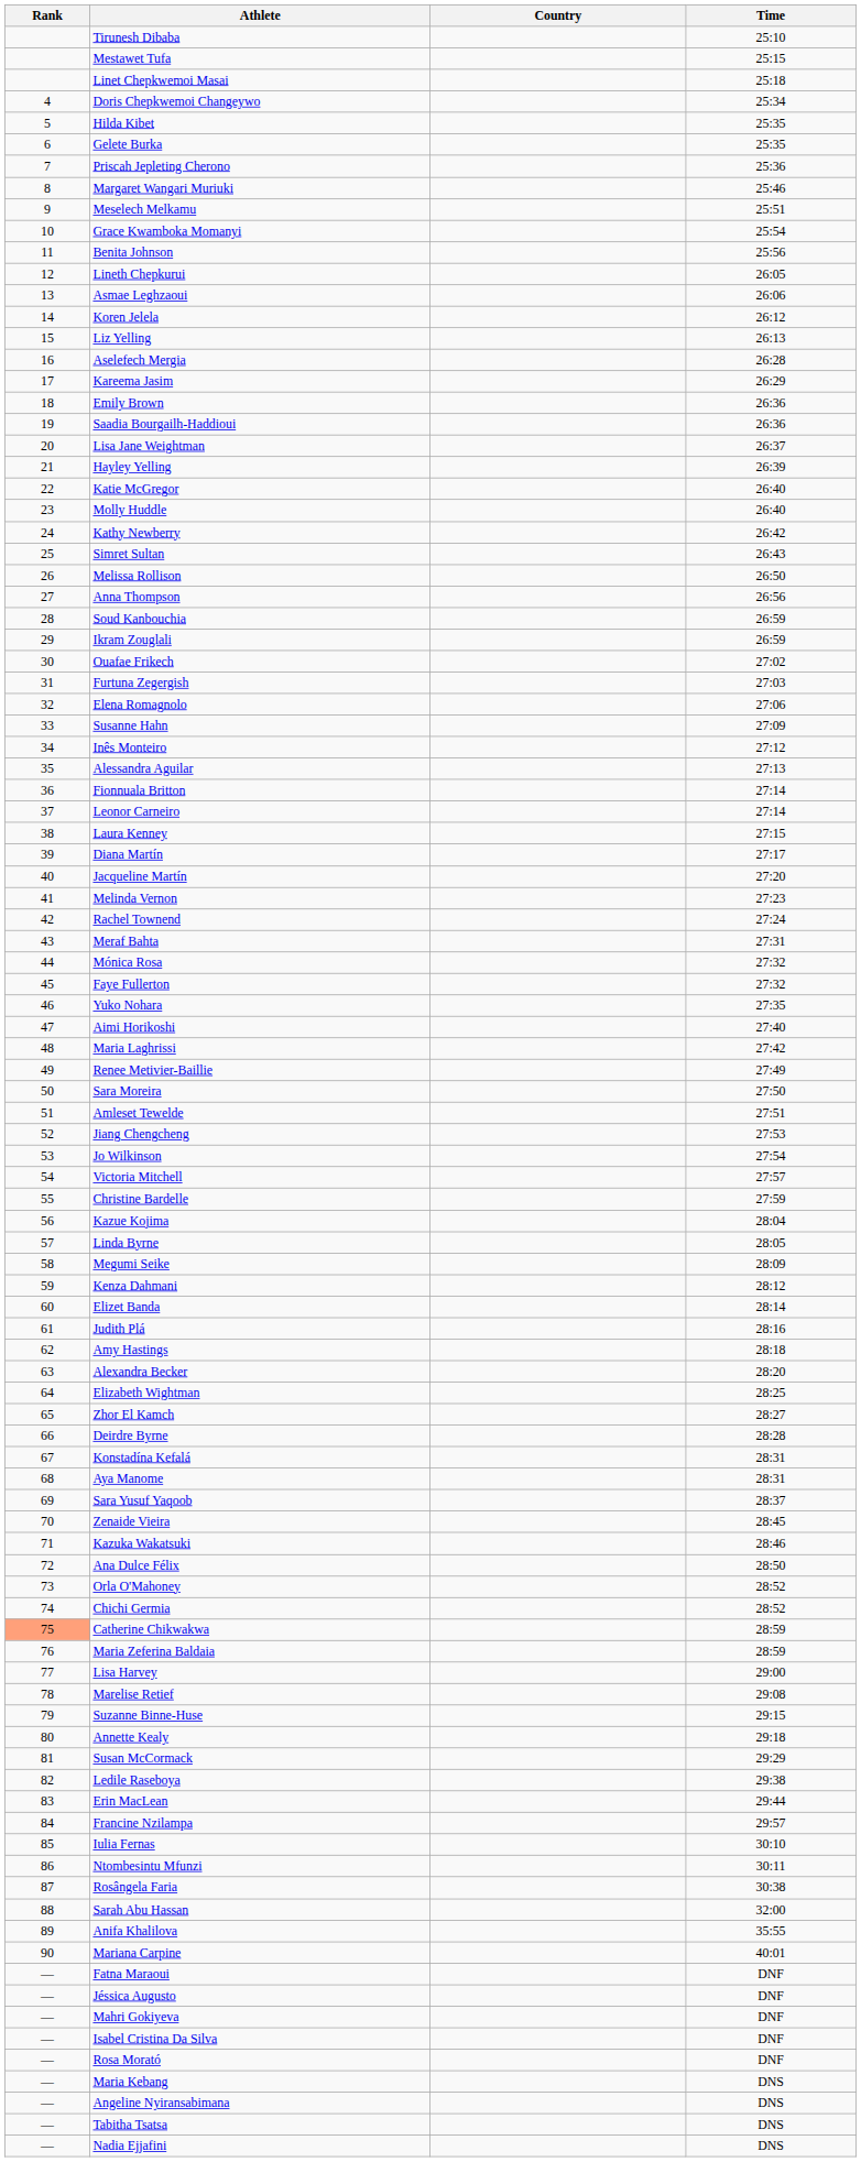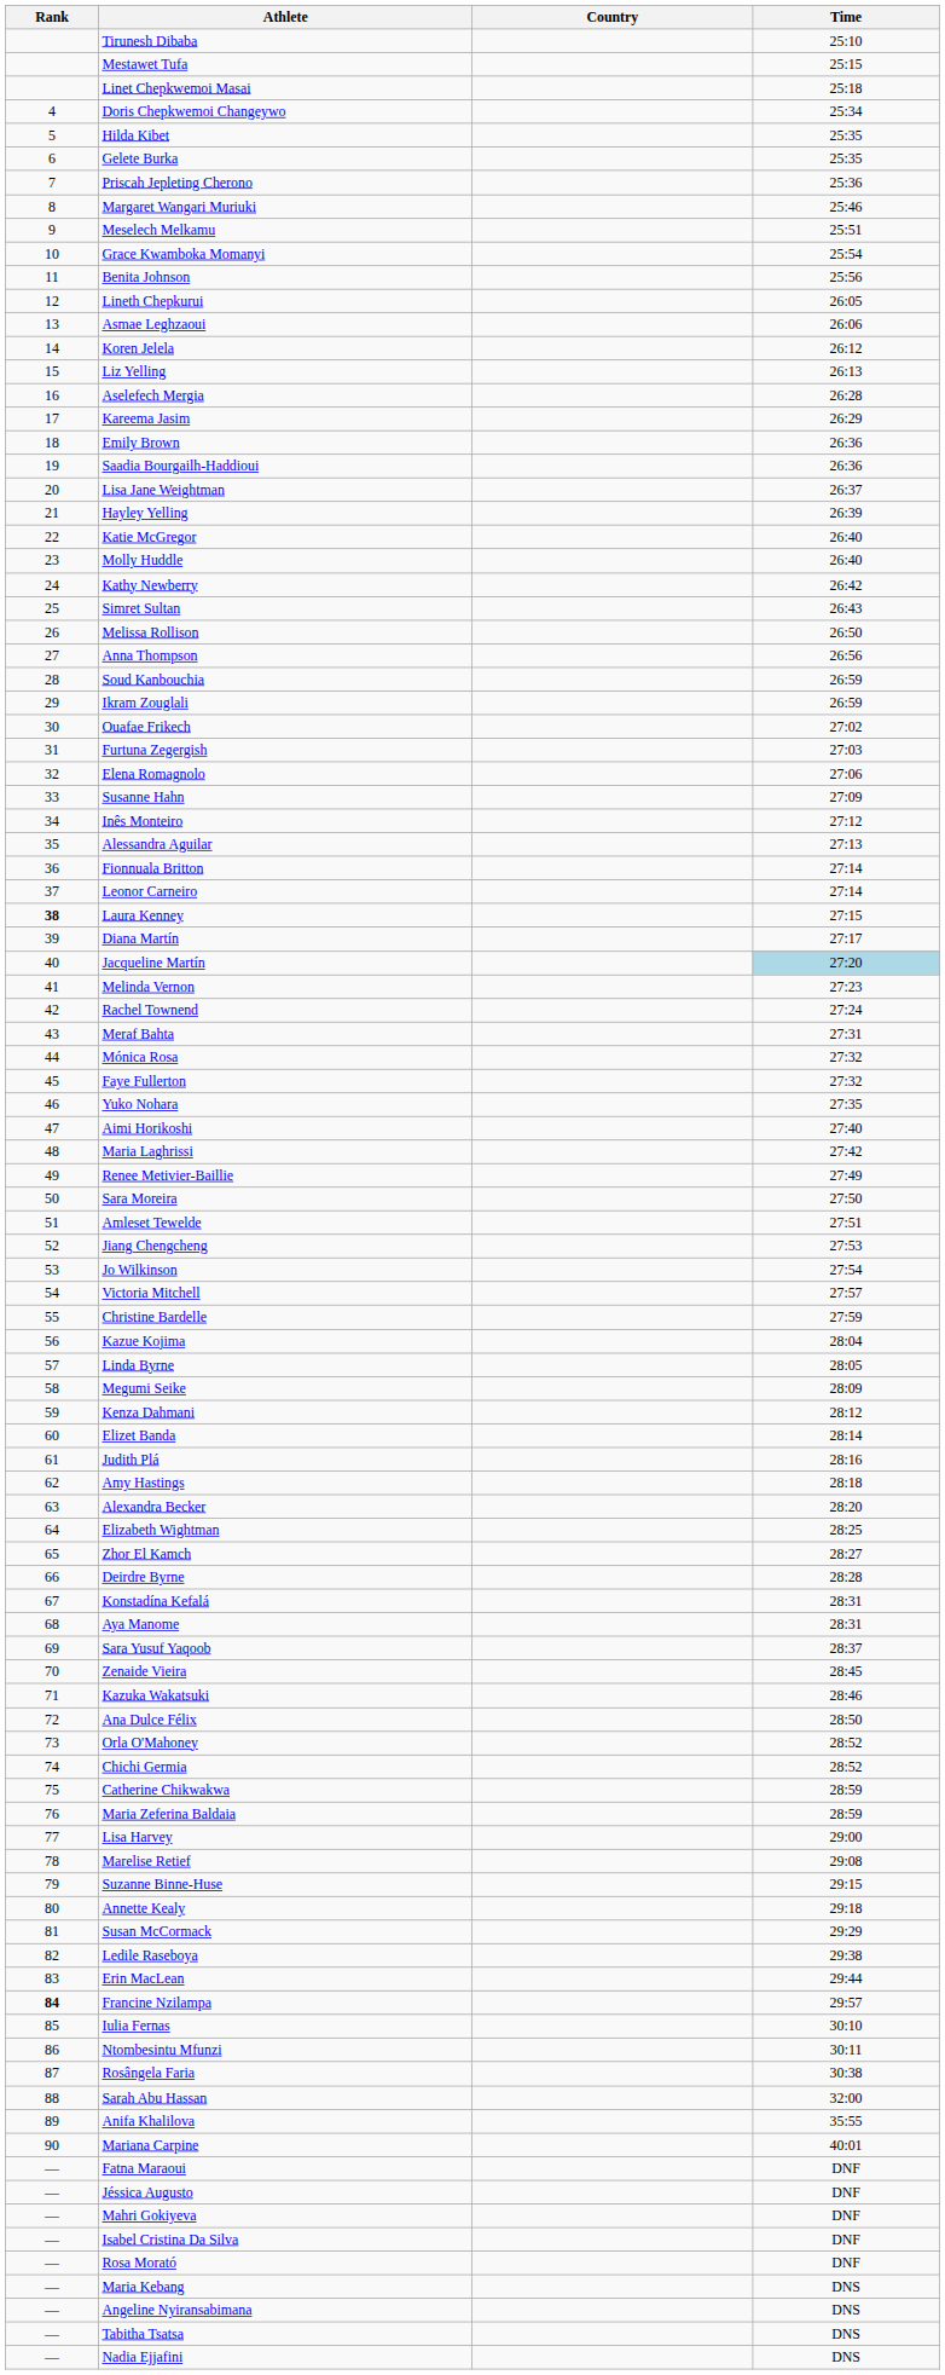 <table class="wikitable sortable" style=" text-align:center; font-size:95%;" width="50%">
 <tr>
 <th width=5%>Rank</th>
 <th width=20%>Athlete</th>
 <th width=15%>Country</th>
 <th width=10%>Time</th>
 </tr>
 <tr>
 <td align=center></td>
 <td align=left><a href='#'>Tirunesh Dibaba</a></td>
 <td align=left></td>
 <td>25:10</td>
 </tr>
 <tr>
 <td align=center></td>
 <td align=left><a href='#'>Mestawet Tufa</a></td>
 <td align=left></td>
 <td>25:15</td>
 </tr>
 <tr>
 <td align=center></td>
 <td align=left><a href='#'>Linet Chepkwemoi Masai</a></td>
 <td align=left></td>
 <td>25:18</td>
 </tr>
 <tr>
 <td align=center>4</td>
 <td align=left><a href='#'>Doris Chepkwemoi Changeywo</a></td>
 <td align=left></td>
 <td>25:34</td>
 </tr>
 <tr>
 <td align=center>5</td>
 <td align=left><a href='#'>Hilda Kibet</a></td>
 <td align=left></td>
 <td>25:35</td>
 </tr>
 <tr>
 <td align=center>6</td>
 <td align=left><a href='#'>Gelete Burka</a></td>
 <td align=left></td>
 <td>25:35</td>
 </tr>
 <tr>
 <td align=center>7</td>
 <td align=left><a href='#'>Priscah Jepleting Cherono</a></td>
 <td align=left></td>
 <td>25:36</td>
 </tr>
 <tr>
 <td align=center>8</td>
 <td align=left><a href='#'>Margaret Wangari Muriuki</a></td>
 <td align=left></td>
 <td>25:46</td>
 </tr>
 <tr>
 <td align=center>9</td>
 <td align=left><a href='#'>Meselech Melkamu</a></td>
 <td align=left></td>
 <td>25:51</td>
 </tr>
 <tr>
 <td align=center>10</td>
 <td align=left><a href='#'>Grace Kwamboka Momanyi</a></td>
 <td align=left></td>
 <td>25:54</td>
 </tr>
 <tr>
 <td align=center>11</td>
 <td align=left><a href='#'>Benita Johnson</a></td>
 <td align=left></td>
 <td>25:56</td>
 </tr>
 <tr>
 <td align=center>12</td>
 <td align=left><a href='#'>Lineth Chepkurui</a></td>
 <td align=left></td>
 <td>26:05</td>
 </tr>
 <tr>
 <td align=center>13</td>
 <td align=left><a href='#'>Asmae Leghzaoui</a></td>
 <td align=left></td>
 <td>26:06</td>
 </tr>
 <tr>
 <td align=center>14</td>
 <td align=left><a href='#'>Koren Jelela</a></td>
 <td align=left></td>
 <td>26:12</td>
 </tr>
 <tr>
 <td align=center>15</td>
 <td align=left><a href='#'>Liz Yelling</a></td>
 <td align=left></td>
 <td>26:13</td>
 </tr>
 <tr>
 <td align=center>16</td>
 <td align=left><a href='#'>Aselefech Mergia</a></td>
 <td align=left></td>
 <td>26:28</td>
 </tr>
 <tr>
 <td align=center>17</td>
 <td align=left><a href='#'>Kareema Jasim</a></td>
 <td align=left></td>
 <td>26:29</td>
 </tr>
 <tr>
 <td align=center>18</td>
 <td align=left><a href='#'>Emily Brown</a></td>
 <td align=left></td>
 <td>26:36</td>
 </tr>
 <tr>
 <td align=center>19</td>
 <td align=left><a href='#'>Saadia Bourgailh-Haddioui</a></td>
 <td align=left></td>
 <td>26:36</td>
 </tr>
 <tr>
 <td align=center>20</td>
 <td align=left><a href='#'>Lisa Jane Weightman</a></td>
 <td align=left></td>
 <td>26:37</td>
 </tr>
 <tr>
 <td align=center>21</td>
 <td align=left><a href='#'>Hayley Yelling</a></td>
 <td align=left></td>
 <td>26:39</td>
 </tr>
 <tr>
 <td align=center>22</td>
 <td align=left><a href='#'>Katie McGregor</a></td>
 <td align=left></td>
 <td>26:40</td>
 </tr>
 <tr>
 <td align=center>23</td>
 <td align=left><a href='#'>Molly Huddle</a></td>
 <td align=left></td>
 <td>26:40</td>
 </tr>
 <tr>
 <td align=center>24</td>
 <td align=left><a href='#'>Kathy Newberry</a></td>
 <td align=left></td>
 <td>26:42</td>
 </tr>
 <tr>
 <td align=center>25</td>
 <td align=left><a href='#'>Simret Sultan</a></td>
 <td align=left></td>
 <td>26:43</td>
 </tr>
 <tr>
 <td align=center>26</td>
 <td align=left><a href='#'>Melissa Rollison</a></td>
 <td align=left></td>
 <td>26:50</td>
 </tr>
 <tr>
 <td align=center>27</td>
 <td align=left><a href='#'>Anna Thompson</a></td>
 <td align=left></td>
 <td>26:56</td>
 </tr>
 <tr>
 <td align=center>28</td>
 <td align=left><a href='#'>Soud Kanbouchia</a></td>
 <td align=left></td>
 <td>26:59</td>
 </tr>
 <tr>
 <td align=center>29</td>
 <td align=left><a href='#'>Ikram Zouglali</a></td>
 <td align=left></td>
 <td>26:59</td>
 </tr>
 <tr>
 <td align=center>30</td>
 <td align=left><a href='#'>Ouafae Frikech</a></td>
 <td align=left></td>
 <td>27:02</td>
 </tr>
 <tr>
 <td align=center>31</td>
 <td align=left><a href='#'>Furtuna Zegergish</a></td>
 <td align=left></td>
 <td>27:03</td>
 </tr>
 <tr>
 <td align=center>32</td>
 <td align=left><a href='#'>Elena Romagnolo</a></td>
 <td align=left></td>
 <td>27:06</td>
 </tr>
 <tr>
 <td align=center>33</td>
 <td align=left><a href='#'>Susanne Hahn</a></td>
 <td align=left></td>
 <td>27:09</td>
 </tr>
 <tr>
 <td align=center>34</td>
 <td align=left><a href='#'>Inês Monteiro</a></td>
 <td align=left></td>
 <td>27:12</td>
 </tr>
 <tr>
 <td align=center>35</td>
 <td align=left><a href='#'>Alessandra Aguilar</a></td>
 <td align=left></td>
 <td>27:13</td>
 </tr>
 <tr>
 <td align=center>36</td>
 <td align=left><a href='#'>Fionnuala Britton</a></td>
 <td align=left></td>
 <td>27:14</td>
 </tr>
 <tr>
 <td align=center>37</td>
 <td align=left><a href='#'>Leonor Carneiro</a></td>
 <td align=left></td>
 <td>27:14</td>
 </tr>
 <tr>
-<td align=center>38</td>
+<td align=center><strong>38</strong></td>
 <td align=left><a href='#'>Laura Kenney</a></td>
 <td align=left></td>
 <td>27:15</td>
 </tr>
 <tr>
 <td align=center>39</td>
 <td align=left><a href='#'>Diana Martín</a></td>
 <td align=left></td>
 <td>27:17</td>
 </tr>
 <tr>
 <td align=center>40</td>
 <td align=left><a href='#'>Jacqueline Martín</a></td>
 <td align=left></td>
-<td>27:20</td>
+<td style="background: lightblue;">27:20</td>
 </tr>
 <tr>
 <td align=center>41</td>
 <td align=left><a href='#'>Melinda Vernon</a></td>
 <td align=left></td>
 <td>27:23</td>
 </tr>
 <tr>
 <td align=center>42</td>
 <td align=left><a href='#'>Rachel Townend</a></td>
 <td align=left></td>
 <td>27:24</td>
 </tr>
 <tr>
 <td align=center>43</td>
 <td align=left><a href='#'>Meraf Bahta</a></td>
 <td align=left></td>
 <td>27:31</td>
 </tr>
 <tr>
 <td align=center>44</td>
 <td align=left><a href='#'>Mónica Rosa</a></td>
 <td align=left></td>
 <td>27:32</td>
 </tr>
 <tr>
 <td align=center>45</td>
 <td align=left><a href='#'>Faye Fullerton</a></td>
 <td align=left></td>
 <td>27:32</td>
 </tr>
 <tr>
 <td align=center>46</td>
 <td align=left><a href='#'>Yuko Nohara</a></td>
 <td align=left></td>
 <td>27:35</td>
 </tr>
 <tr>
 <td align=center>47</td>
 <td align=left><a href='#'>Aimi Horikoshi</a></td>
 <td align=left></td>
 <td>27:40</td>
 </tr>
 <tr>
 <td align=center>48</td>
 <td align=left><a href='#'>Maria Laghrissi</a></td>
 <td align=left></td>
 <td>27:42</td>
 </tr>
 <tr>
 <td align=center>49</td>
 <td align=left><a href='#'>Renee Metivier-Baillie</a></td>
 <td align=left></td>
 <td>27:49</td>
 </tr>
 <tr>
 <td align=center>50</td>
 <td align=left><a href='#'>Sara Moreira</a></td>
 <td align=left></td>
 <td>27:50</td>
 </tr>
 <tr>
 <td align=center>51</td>
 <td align=left><a href='#'>Amleset Tewelde</a></td>
 <td align=left></td>
 <td>27:51</td>
 </tr>
 <tr>
 <td align=center>52</td>
 <td align=left><a href='#'>Jiang Chengcheng</a></td>
 <td align=left></td>
 <td>27:53</td>
 </tr>
 <tr>
 <td align=center>53</td>
 <td align=left><a href='#'>Jo Wilkinson</a></td>
 <td align=left></td>
 <td>27:54</td>
 </tr>
 <tr>
 <td align=center>54</td>
 <td align=left><a href='#'>Victoria Mitchell</a></td>
 <td align=left></td>
 <td>27:57</td>
 </tr>
 <tr>
 <td align=center>55</td>
 <td align=left><a href='#'>Christine Bardelle</a></td>
 <td align=left></td>
 <td>27:59</td>
 </tr>
 <tr>
 <td align=center>56</td>
 <td align=left><a href='#'>Kazue Kojima</a></td>
 <td align=left></td>
 <td>28:04</td>
 </tr>
 <tr>
 <td align=center>57</td>
 <td align=left><a href='#'>Linda Byrne</a></td>
 <td align=left></td>
 <td>28:05</td>
 </tr>
 <tr>
 <td align=center>58</td>
 <td align=left><a href='#'>Megumi Seike</a></td>
 <td align=left></td>
 <td>28:09</td>
 </tr>
 <tr>
 <td align=center>59</td>
 <td align=left><a href='#'>Kenza Dahmani</a></td>
 <td align=left></td>
 <td>28:12</td>
 </tr>
 <tr>
 <td align=center>60</td>
 <td align=left><a href='#'>Elizet Banda</a></td>
 <td align=left></td>
 <td>28:14</td>
 </tr>
 <tr>
 <td align=center>61</td>
 <td align=left><a href='#'>Judith Plá</a></td>
 <td align=left></td>
 <td>28:16</td>
 </tr>
 <tr>
 <td align=center>62</td>
 <td align=left><a href='#'>Amy Hastings</a></td>
 <td align=left></td>
 <td>28:18</td>
 </tr>
 <tr>
 <td align=center>63</td>
 <td align=left><a href='#'>Alexandra Becker</a></td>
 <td align=left></td>
 <td>28:20</td>
 </tr>
 <tr>
 <td align=center>64</td>
 <td align=left><a href='#'>Elizabeth Wightman</a></td>
 <td align=left></td>
 <td>28:25</td>
 </tr>
 <tr>
 <td align=center>65</td>
 <td align=left><a href='#'>Zhor El Kamch</a></td>
 <td align=left></td>
 <td>28:27</td>
 </tr>
 <tr>
 <td align=center>66</td>
 <td align=left><a href='#'>Deirdre Byrne</a></td>
 <td align=left></td>
 <td>28:28</td>
 </tr>
 <tr>
 <td align=center>67</td>
 <td align=left><a href='#'>Konstadína Kefalá</a></td>
 <td align=left></td>
 <td>28:31</td>
 </tr>
 <tr>
 <td align=center>68</td>
 <td align=left><a href='#'>Aya Manome</a></td>
 <td align=left></td>
 <td>28:31</td>
 </tr>
 <tr>
 <td align=center>69</td>
 <td align=left><a href='#'>Sara Yusuf Yaqoob</a></td>
 <td align=left></td>
 <td>28:37</td>
 </tr>
 <tr>
 <td align=center>70</td>
 <td align=left><a href='#'>Zenaide Vieira</a></td>
 <td align=left></td>
 <td>28:45</td>
 </tr>
 <tr>
 <td align=center>71</td>
 <td align=left><a href='#'>Kazuka Wakatsuki</a></td>
 <td align=left></td>
 <td>28:46</td>
 </tr>
 <tr>
 <td align=center>72</td>
 <td align=left><a href='#'>Ana Dulce Félix</a></td>
 <td align=left></td>
 <td>28:50</td>
 </tr>
 <tr>
 <td align=center>73</td>
 <td align=left><a href='#'>Orla O'Mahoney</a></td>
 <td align=left></td>
 <td>28:52</td>
 </tr>
 <tr>
 <td align=center>74</td>
 <td align=left><a href='#'>Chichi Germia</a></td>
 <td align=left></td>
 <td>28:52</td>
 </tr>
 <tr>
-<td align=center style="background: lightsalmon;">75</td>
+<td align=center>75</td>
 <td align=left><a href='#'>Catherine Chikwakwa</a></td>
 <td align=left></td>
 <td>28:59</td>
 </tr>
 <tr>
 <td align=center>76</td>
 <td align=left><a href='#'>Maria Zeferina Baldaia</a></td>
 <td align=left></td>
 <td>28:59</td>
 </tr>
 <tr>
 <td align=center>77</td>
 <td align=left><a href='#'>Lisa Harvey</a></td>
 <td align=left></td>
 <td>29:00</td>
 </tr>
 <tr>
 <td align=center>78</td>
 <td align=left><a href='#'>Marelise Retief</a></td>
 <td align=left></td>
 <td>29:08</td>
 </tr>
 <tr>
 <td align=center>79</td>
 <td align=left><a href='#'>Suzanne Binne-Huse</a></td>
 <td align=left></td>
 <td>29:15</td>
 </tr>
 <tr>
 <td align=center>80</td>
 <td align=left><a href='#'>Annette Kealy</a></td>
 <td align=left></td>
 <td>29:18</td>
 </tr>
 <tr>
 <td align=center>81</td>
 <td align=left><a href='#'>Susan McCormack</a></td>
 <td align=left></td>
 <td>29:29</td>
 </tr>
 <tr>
 <td align=center>82</td>
 <td align=left><a href='#'>Ledile Raseboya</a></td>
 <td align=left></td>
 <td>29:38</td>
 </tr>
 <tr>
 <td align=center>83</td>
 <td align=left><a href='#'>Erin MacLean</a></td>
 <td align=left></td>
 <td>29:44</td>
 </tr>
 <tr>
-<td align=center>84</td>
+<td align=center><strong>84</strong></td>
 <td align=left><a href='#'>Francine Nzilampa</a></td>
 <td align=left></td>
 <td>29:57</td>
 </tr>
 <tr>
 <td align=center>85</td>
 <td align=left><a href='#'>Iulia Fernas</a></td>
 <td align=left></td>
 <td>30:10</td>
 </tr>
 <tr>
 <td align=center>86</td>
 <td align=left><a href='#'>Ntombesintu Mfunzi</a></td>
 <td align=left></td>
 <td>30:11</td>
 </tr>
 <tr>
 <td align=center>87</td>
 <td align=left><a href='#'>Rosângela Faria</a></td>
 <td align=left></td>
 <td>30:38</td>
 </tr>
 <tr>
 <td align=center>88</td>
 <td align=left><a href='#'>Sarah Abu Hassan</a></td>
 <td align=left></td>
 <td>32:00</td>
 </tr>
 <tr>
 <td align=center>89</td>
 <td align=left><a href='#'>Anifa Khalilova</a></td>
 <td align=left></td>
 <td>35:55</td>
 </tr>
 <tr>
 <td align=center>90</td>
 <td align=left><a href='#'>Mariana Carpine</a></td>
 <td align=left></td>
 <td>40:01</td>
 </tr>
 <tr>
 <td align=center>—</td>
 <td align=left><a href='#'>Fatna Maraoui</a></td>
 <td align=left></td>
 <td>DNF</td>
 </tr>
 <tr>
 <td align=center>—</td>
 <td align=left><a href='#'>Jéssica Augusto</a></td>
 <td align=left></td>
 <td>DNF</td>
 </tr>
 <tr>
 <td align=center>—</td>
 <td align=left><a href='#'>Mahri Gokiyeva</a></td>
 <td align=left></td>
 <td>DNF</td>
 </tr>
 <tr>
 <td align=center>—</td>
 <td align=left><a href='#'>Isabel Cristina Da Silva</a></td>
 <td align=left></td>
 <td>DNF</td>
 </tr>
 <tr>
 <td align=center>—</td>
 <td align=left><a href='#'>Rosa Morató</a></td>
 <td align=left></td>
 <td>DNF</td>
 </tr>
 <tr>
 <td align=center>—</td>
 <td align=left><a href='#'>Maria Kebang</a></td>
 <td align=left></td>
 <td>DNS</td>
 </tr>
 <tr>
 <td align=center>—</td>
 <td align=left><a href='#'>Angeline Nyiransabimana</a></td>
 <td align=left></td>
 <td>DNS</td>
 </tr>
 <tr>
 <td align=center>—</td>
 <td align=left><a href='#'>Tabitha Tsatsa</a></td>
 <td align=left></td>
 <td>DNS</td>
 </tr>
 <tr>
 <td align=center>—</td>
 <td align=left><a href='#'>Nadia Ejjafini</a></td>
 <td align=left></td>
 <td>DNS</td>
 </tr>
 </table>
